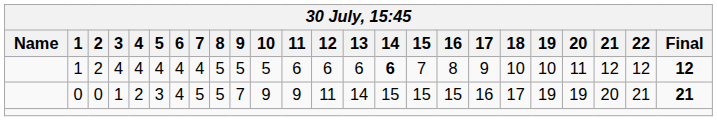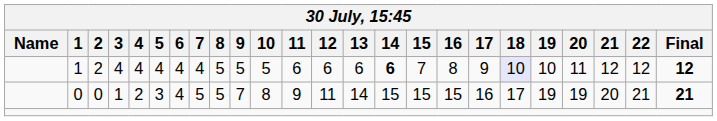 <table class=wikitable style="text-align:center; width: 55%">
 <tr>
 <th colspan=24><em>30 July, 15:45</em></th>
 </tr>
 <tr>
 <th>Name</th>
 <th>1</th>
 <th>2</th>
 <th>3</th>
 <th>4</th>
 <th>5</th>
 <th>6</th>
 <th>7</th>
 <th>8</th>
 <th>9</th>
 <th>10</th>
 <th>11</th>
 <th>12</th>
 <th>13</th>
 <th>14</th>
 <th>15</th>
 <th>16</th>
 <th>17</th>
 <th>18</th>
 <th>19</th>
 <th>20</th>
 <th>21</th>
 <th>22</th>
 <th>Final</th>
 </tr>
 <tr>
 <td align=left></td>
 <td>1</td>
 <td>2</td>
 <td>4</td>
 <td>4</td>
 <td>4</td>
 <td>4</td>
 <td>4</td>
 <td>5</td>
 <td>5</td>
 <td>5</td>
 <td>6</td>
 <td>6</td>
 <td>6</td>
 <td><strong>6</strong></td>
 <td>7</td>
 <td>8</td>
 <td>9</td>
-<td>10</td>
+<td style="background: lavender;">10</td>
 <td>10</td>
 <td>11</td>
 <td>12</td>
 <td>12</td>
 <td><strong>12</strong></td>
 </tr>
 <tr>
 <td align=left><strong></strong></td>
 <td>0</td>
 <td>0</td>
 <td>1</td>
 <td>2</td>
 <td>3</td>
 <td>4</td>
 <td>5</td>
 <td>5</td>
 <td>7</td>
-<td>9</td>
+<td>8</td>
 <td>9</td>
 <td>11</td>
 <td>14</td>
 <td>15</td>
 <td>15</td>
 <td>15</td>
 <td>16</td>
 <td>17</td>
 <td>19</td>
 <td>19</td>
 <td>20</td>
 <td>21</td>
 <td><strong>21</strong></td>
 </tr>
 <tr>
 <td colspan=24></td>
 </tr>
 </table>
